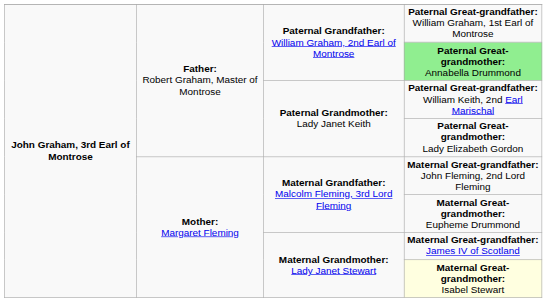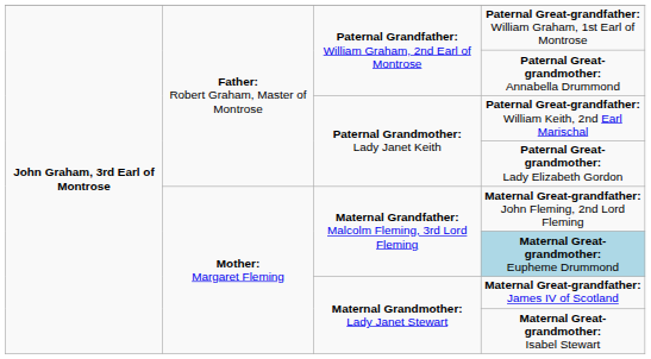 <table class="wikitable">
 <tr>
 </tr>
 <tr>
 <td rowspan="8" align="center"><strong>John Graham, 3rd Earl of Montrose</strong></td>
 <td rowspan="4" align="center"><strong>Father:</strong><br>Robert Graham, Master of Montrose</td>
 <td rowspan="2" align="center"><strong>Paternal Grandfather:</strong><br><a href='#'>William Graham, 2nd Earl of Montrose</a></td>
 <td align="center"><strong>Paternal Great-grandfather:</strong><br>William Graham, 1st Earl of Montrose</td>
 </tr>
 <tr>
-<td align="center" style="background: lightgreen;"><strong>Paternal Great-grandmother:</strong><br>Annabella Drummond</td>
+<td align="center"><strong>Paternal Great-grandmother:</strong><br>Annabella Drummond</td>
 </tr>
 <tr>
 <td rowspan="2" align="center"><strong>Paternal Grandmother:</strong><br>Lady Janet Keith</td>
 <td align="center"><strong>Paternal Great-grandfather:</strong><br>William Keith, 2nd <a href='#'>Earl Marischal</a></td>
 </tr>
 <tr>
 <td align="center"><strong>Paternal Great-grandmother:</strong><br>Lady Elizabeth Gordon</td>
 </tr>
 <tr>
 <td rowspan="4" align="center"><strong>Mother:</strong><br><a href='#'>Margaret Fleming</a></td>
 <td rowspan="2" align="center"><strong>Maternal Grandfather:</strong><br><a href='#'>Malcolm Fleming, 3rd Lord Fleming</a></td>
 <td align="center"><strong>Maternal Great-grandfather:</strong><br>John Fleming, 2nd Lord Fleming</td>
 </tr>
 <tr>
-<td align="center"><strong>Maternal Great-grandmother:</strong><br>Eupheme Drummond</td>
+<td align="center" style="background: lightblue;"><strong>Maternal Great-grandmother:</strong><br>Eupheme Drummond</td>
 </tr>
 <tr>
 <td rowspan="2" align="center"><strong>Maternal Grandmother:</strong><br><a href='#'>Lady Janet Stewart</a></td>
 <td align="center"><strong>Maternal Great-grandfather:</strong><br><a href='#'>James IV of Scotland</a></td>
 </tr>
 <tr>
-<td align="center" style="background: lightyellow;"><strong>Maternal Great-grandmother:</strong><br>Isabel Stewart</td>
+<td align="center"><strong>Maternal Great-grandmother:</strong><br>Isabel Stewart</td>
 </tr>
 </table>
